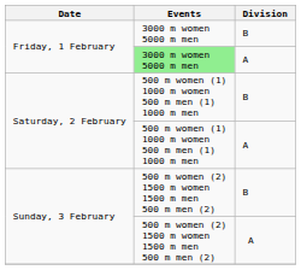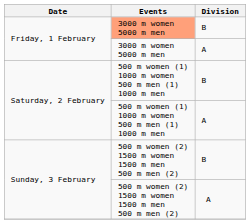 <table class="wikitable" border="1">
 <tr>
 <th> Date </th>
 <th> Events </th>
 <th> Division </th>
 </tr>
 <tr>
 <td rowspan=2> Friday, 1 February </td>
-<td> 3000 m women <br> 5000 m men </td>
+<td style="background: lightsalmon;"> 3000 m women <br> 5000 m men </td>
 <td> B </td>
 </tr>
 <tr>
-<td style="background: lightgreen;"> 3000 m women <br> 5000 m men </td>
+<td> 3000 m women <br> 5000 m men </td>
 <td> A </td>
 </tr>
 <tr>
 <td rowspan=2> Saturday, 2 February </td>
 <td> 500 m women (1) <br> 1000 m women <br> 500 m men (1) <br> 1000 m men </td>
 <td> B </td>
 </tr>
 <tr>
 <td> 500 m women (1) <br> 1000 m women <br> 500 m men (1) <br> 1000 m men </td>
 <td> A </td>
 </tr>
 <tr>
 <td rowspan=2> Sunday, 3 February </td>
 <td> 500 m women (2) <br> 1500 m women <br> 1500 m men <br> 500 m men (2) </td>
 <td> B </td>
 </tr>
 <tr>
 <td> 500 m women (2) <br> 1500 m women <br> 1500 m men <br> 500 m men (2) </td>
 <td>  A </td>
 </tr>
 <tr>
 </tr>
 </table>
